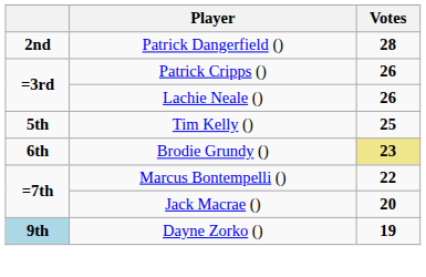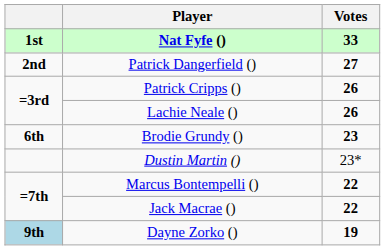 <table class="wikitable" style="margin:1em auto; text-align: center; font-size: 90%;">
 <tr>
 <th style="width:50px;"></th>
 <th style="width:250px;">Player</th>
 <th style="width:50px;">Votes</th>
 </tr>
+<tr style="background:#cfc;">
+<td><strong>1st</strong></td>
+<td><strong><a href='#'>Nat Fyfe</a> ()</strong></td>
+<td><strong>33</strong></td>
+</tr>
 <tr>
 <td><strong>2nd</strong></td>
 <td><a href='#'>Patrick Dangerfield</a> ()</td>
-<td><strong>28</strong></td>
+<td><strong>27</strong></td>
 </tr>
 <tr>
 <td rowspan=2><strong>=3rd</strong></td>
 <td><a href='#'>Patrick Cripps</a> ()</td>
 <td><strong>26</strong></td>
 </tr>
 <tr>
 <td><a href='#'>Lachie Neale</a> ()</td>
 <td><strong>26</strong></td>
 </tr>
 <tr>
-<td><strong>5th</strong></td>
-<td><a href='#'>Tim Kelly</a> ()</td>
-<td><strong>25</strong></td>
+<td><strong>6th</strong></td>
+<td><a href='#'>Brodie Grundy</a> ()</td>
+<td><strong>23</strong></td>
 </tr>
 <tr>
-<td><strong>6th</strong></td>
-<td><a href='#'>Brodie Grundy</a> ()</td>
-<td style="background: khaki;"><strong>23</strong></td>
+<td></td>
+<td><em><a href='#'>Dustin Martin</a> ()</em></td>
+<td>23*</td>
 </tr>
 <tr>
 <td rowspan=2><strong>=7th</strong></td>
 <td><a href='#'>Marcus Bontempelli</a> ()</td>
 <td><strong>22</strong></td>
 </tr>
 <tr>
 <td><a href='#'>Jack Macrae</a> ()</td>
-<td><strong>20</strong></td>
+<td><strong>22</strong></td>
 </tr>
 <tr>
 <td style="background: lightblue;"><strong>9th</strong></td>
 <td><a href='#'>Dayne Zorko</a> ()</td>
 <td><strong>19</strong></td>
 </tr>
 </table>
